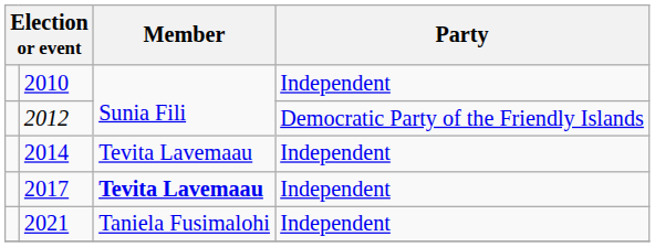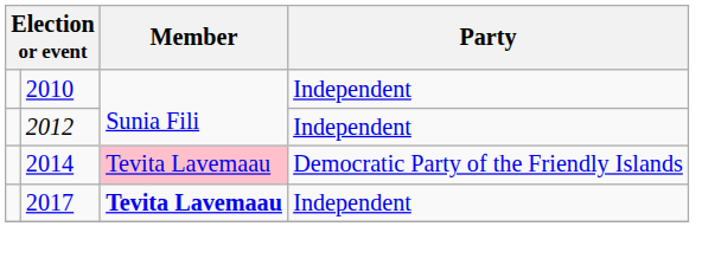 <table class="wikitable">
 <tr>
 <th colspan="2">Election <br><small>or event</small></th>
 <th>Member</th>
 <th>Party</th>
 </tr>
 <tr>
 <td style="background-color: "></td>
 <td><a href='#'>2010</a></td>
 <td rowspan="2" style="border-bottom:1px grey;" valign="middle"><br><a href='#'>Sunia Fili</a></td>
 <td><a href='#'>Independent</a></td>
 </tr>
 <tr>
 <td style="background-color: "></td>
 <td><em>2012</em></td>
-<td><a href='#'>Democratic Party of the Friendly Islands</a></td>
+<td><a href='#'>Independent</a></td>
 </tr>
 <tr>
 <td style="background-color: "></td>
 <td><a href='#'>2014</a></td>
-<td><a href='#'>Tevita Lavemaau</a></td>
-<td><a href='#'>Independent</a></td>
+<td style="background: pink;"><a href='#'>Tevita Lavemaau</a></td>
+<td><a href='#'>Democratic Party of the Friendly Islands</a></td>
 </tr>
 <tr>
 <td style="background-color: "></td>
 <td><a href='#'>2017</a></td>
 <td><strong><a href='#'>Tevita Lavemaau</a></strong></td>
 <td><a href='#'>Independent</a></td>
 </tr>
 <tr>
-<td style="background-color: "></td>
-<td><a href='#'>2021</a></td>
-<td><a href='#'>Taniela Fusimalohi</a></td>
-<td><a href='#'>Independent</a></td>
-</tr>
-<tr>
 </tr>
 </table>
